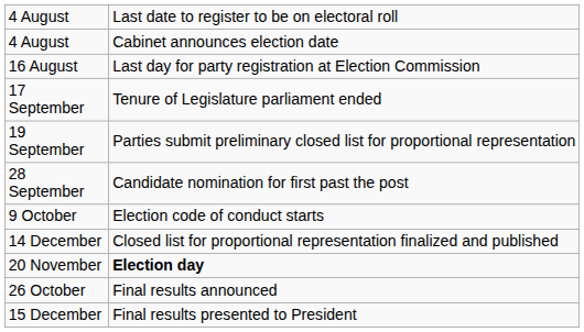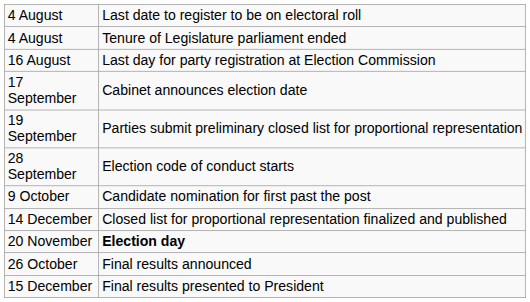 <table class="wikitable">
 <tr>
 <td style="width: 100px;">4 August</td>
 <td>Last date to register to be on electoral roll</td>
 </tr>
 <tr>
 <td>4 August</td>
-<td>Cabinet announces election date</td>
+<td>Tenure of Legislature parliament ended</td>
 </tr>
 <tr>
 <td>16 August</td>
 <td>Last day for party registration at Election Commission</td>
 </tr>
 <tr>
 <td>17 September</td>
-<td>Tenure of Legislature parliament ended</td>
+<td>Cabinet announces election date</td>
 </tr>
 <tr>
 <td>19 September</td>
 <td>Parties submit preliminary closed list for proportional representation</td>
 </tr>
 <tr>
 <td>28 September</td>
-<td>Candidate nomination for first past the post</td>
+<td>Election code of conduct starts</td>
 </tr>
 <tr>
 <td>9 October</td>
-<td>Election code of conduct starts</td>
+<td>Candidate nomination for first past the post</td>
 </tr>
 <tr>
 <td>14 December</td>
 <td>Closed list for proportional representation finalized and published</td>
 </tr>
 <tr>
 <td>20 November</td>
 <td><strong>Election day</strong></td>
 </tr>
 <tr>
 <td>26 October</td>
 <td>Final results announced</td>
 </tr>
 <tr>
 <td>15 December</td>
 <td>Final results presented to President</td>
 </tr>
 </table>
